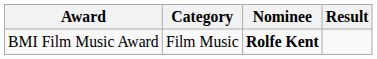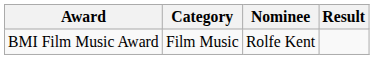 <table class="wikitable sortable">
 <tr>
 <th>Award</th>
 <th>Category</th>
 <th>Nominee</th>
 <th>Result</th>
 </tr>
 <tr>
 <td rowspan="2">BMI Film Music Award</td>
 <td>Film Music</td>
-<td><strong>Rolfe Kent</strong></td>
+<td>Rolfe Kent</td>
 <td></td>
 </tr>
 </table>
